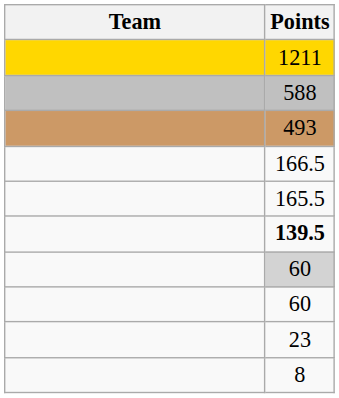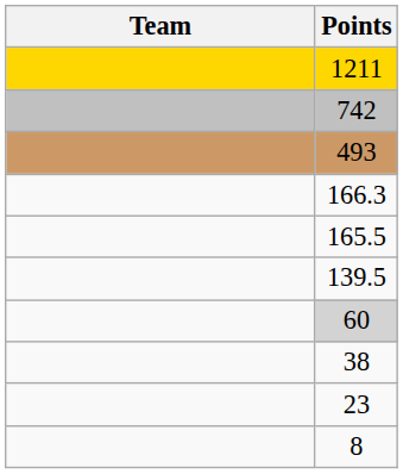 <table class="wikitable" style="text-align:center">
 <tr>
 <th width=180px>Team</th>
 <th width=20px>Points</th>
 </tr>
 <tr bgcolor=gold>
 <td align=left><strong></strong></td>
 <td>1211</td>
 </tr>
 <tr bgcolor=silver>
 <td align=left></td>
-<td>588</td>
+<td>742</td>
 </tr>
 <tr bgcolor=CC9966>
 <td align=left></td>
 <td>493</td>
 </tr>
 <tr>
 <td align=left></td>
-<td>166.5</td>
+<td>166.3</td>
 </tr>
 <tr>
 <td align=left></td>
 <td>165.5</td>
 </tr>
 <tr>
 <td align=left></td>
-<td><strong>139.5</strong></td>
+<td>139.5</td>
 </tr>
 <tr>
 <td align=left></td>
 <td style="background: lightgrey;">60</td>
 </tr>
 <tr>
 <td align=left></td>
-<td>60</td>
+<td>38</td>
 </tr>
 <tr>
 <td align=left></td>
 <td>23</td>
 </tr>
 <tr>
 <td align=left></td>
 <td>8</td>
 </tr>
 </table>
